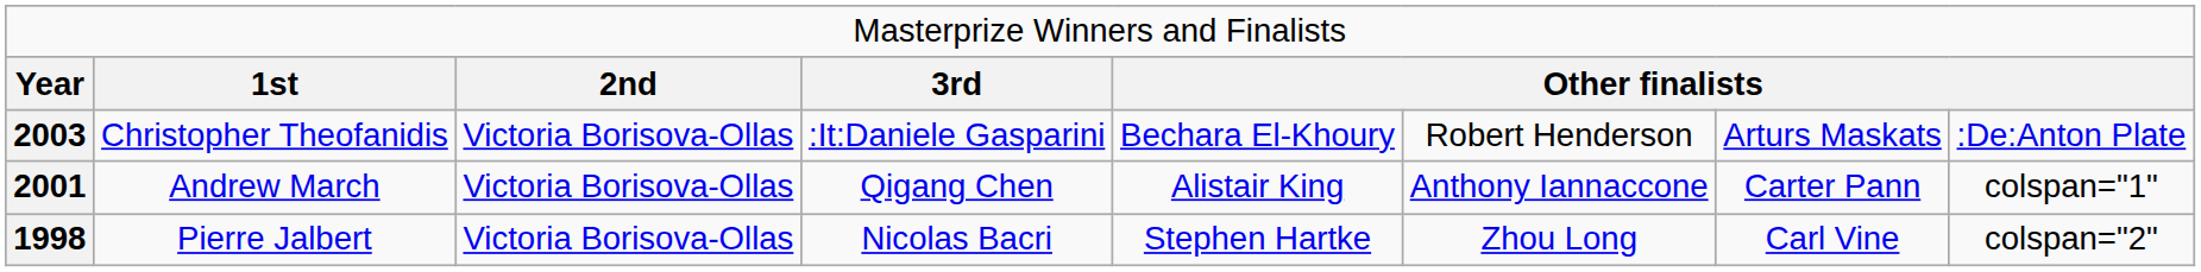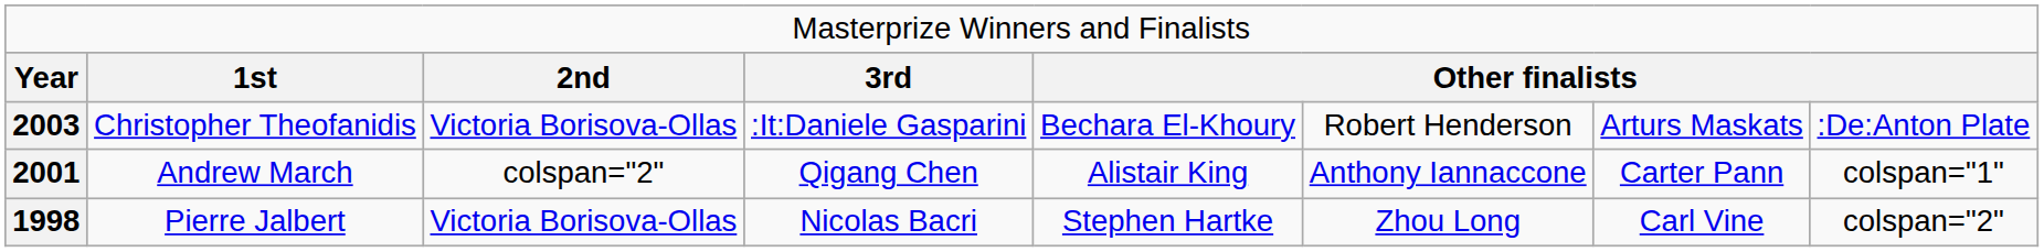 <table class="wikitable" style="text-align: center">
 <tr>
 <td colspan="9">Masterprize Winners and Finalists</td>
 </tr>
 <tr valign="top">
 <th>Year</th>
 <th>1st</th>
 <th>2nd</th>
 <th>3rd</th>
 <th colspan="5">Other finalists</th>
 </tr>
 <tr valign="top">
 <th>2003</th>
 <td> <a href='#'>Christopher Theofanidis</a></td>
 <td> <a href='#'>Victoria Borisova-Ollas</a></td>
 <td> <a href='#'>:It:Daniele Gasparini</a></td>
 <td> <a href='#'>Bechara El-Khoury</a></td>
 <td> Robert Henderson</td>
 <td> <a href='#'>Arturs Maskats</a></td>
 <td> <a href='#'>:De:Anton Plate</a></td>
 </tr>
 <tr valign="top">
 <th>2001</th>
 <td> <a href='#'>Andrew March</a></td>
-<td> <a href='#'>Victoria Borisova-Ollas</a></td>
+<td>colspan="2" </td>
 <td> <a href='#'>Qigang Chen</a></td>
 <td> <a href='#'>Alistair King</a></td>
 <td> <a href='#'>Anthony Iannaccone</a></td>
 <td> <a href='#'>Carter Pann</a></td>
 <td>colspan="1" </td>
 </tr>
 <tr valign="top">
 <th>1998</th>
 <td> <a href='#'>Pierre Jalbert</a></td>
 <td> <a href='#'>Victoria Borisova-Ollas</a></td>
 <td> <a href='#'>Nicolas Bacri</a></td>
 <td> <a href='#'>Stephen Hartke</a></td>
 <td> <a href='#'>Zhou Long</a></td>
 <td> <a href='#'>Carl Vine</a></td>
 <td>colspan="2" </td>
 </tr>
 </table>
